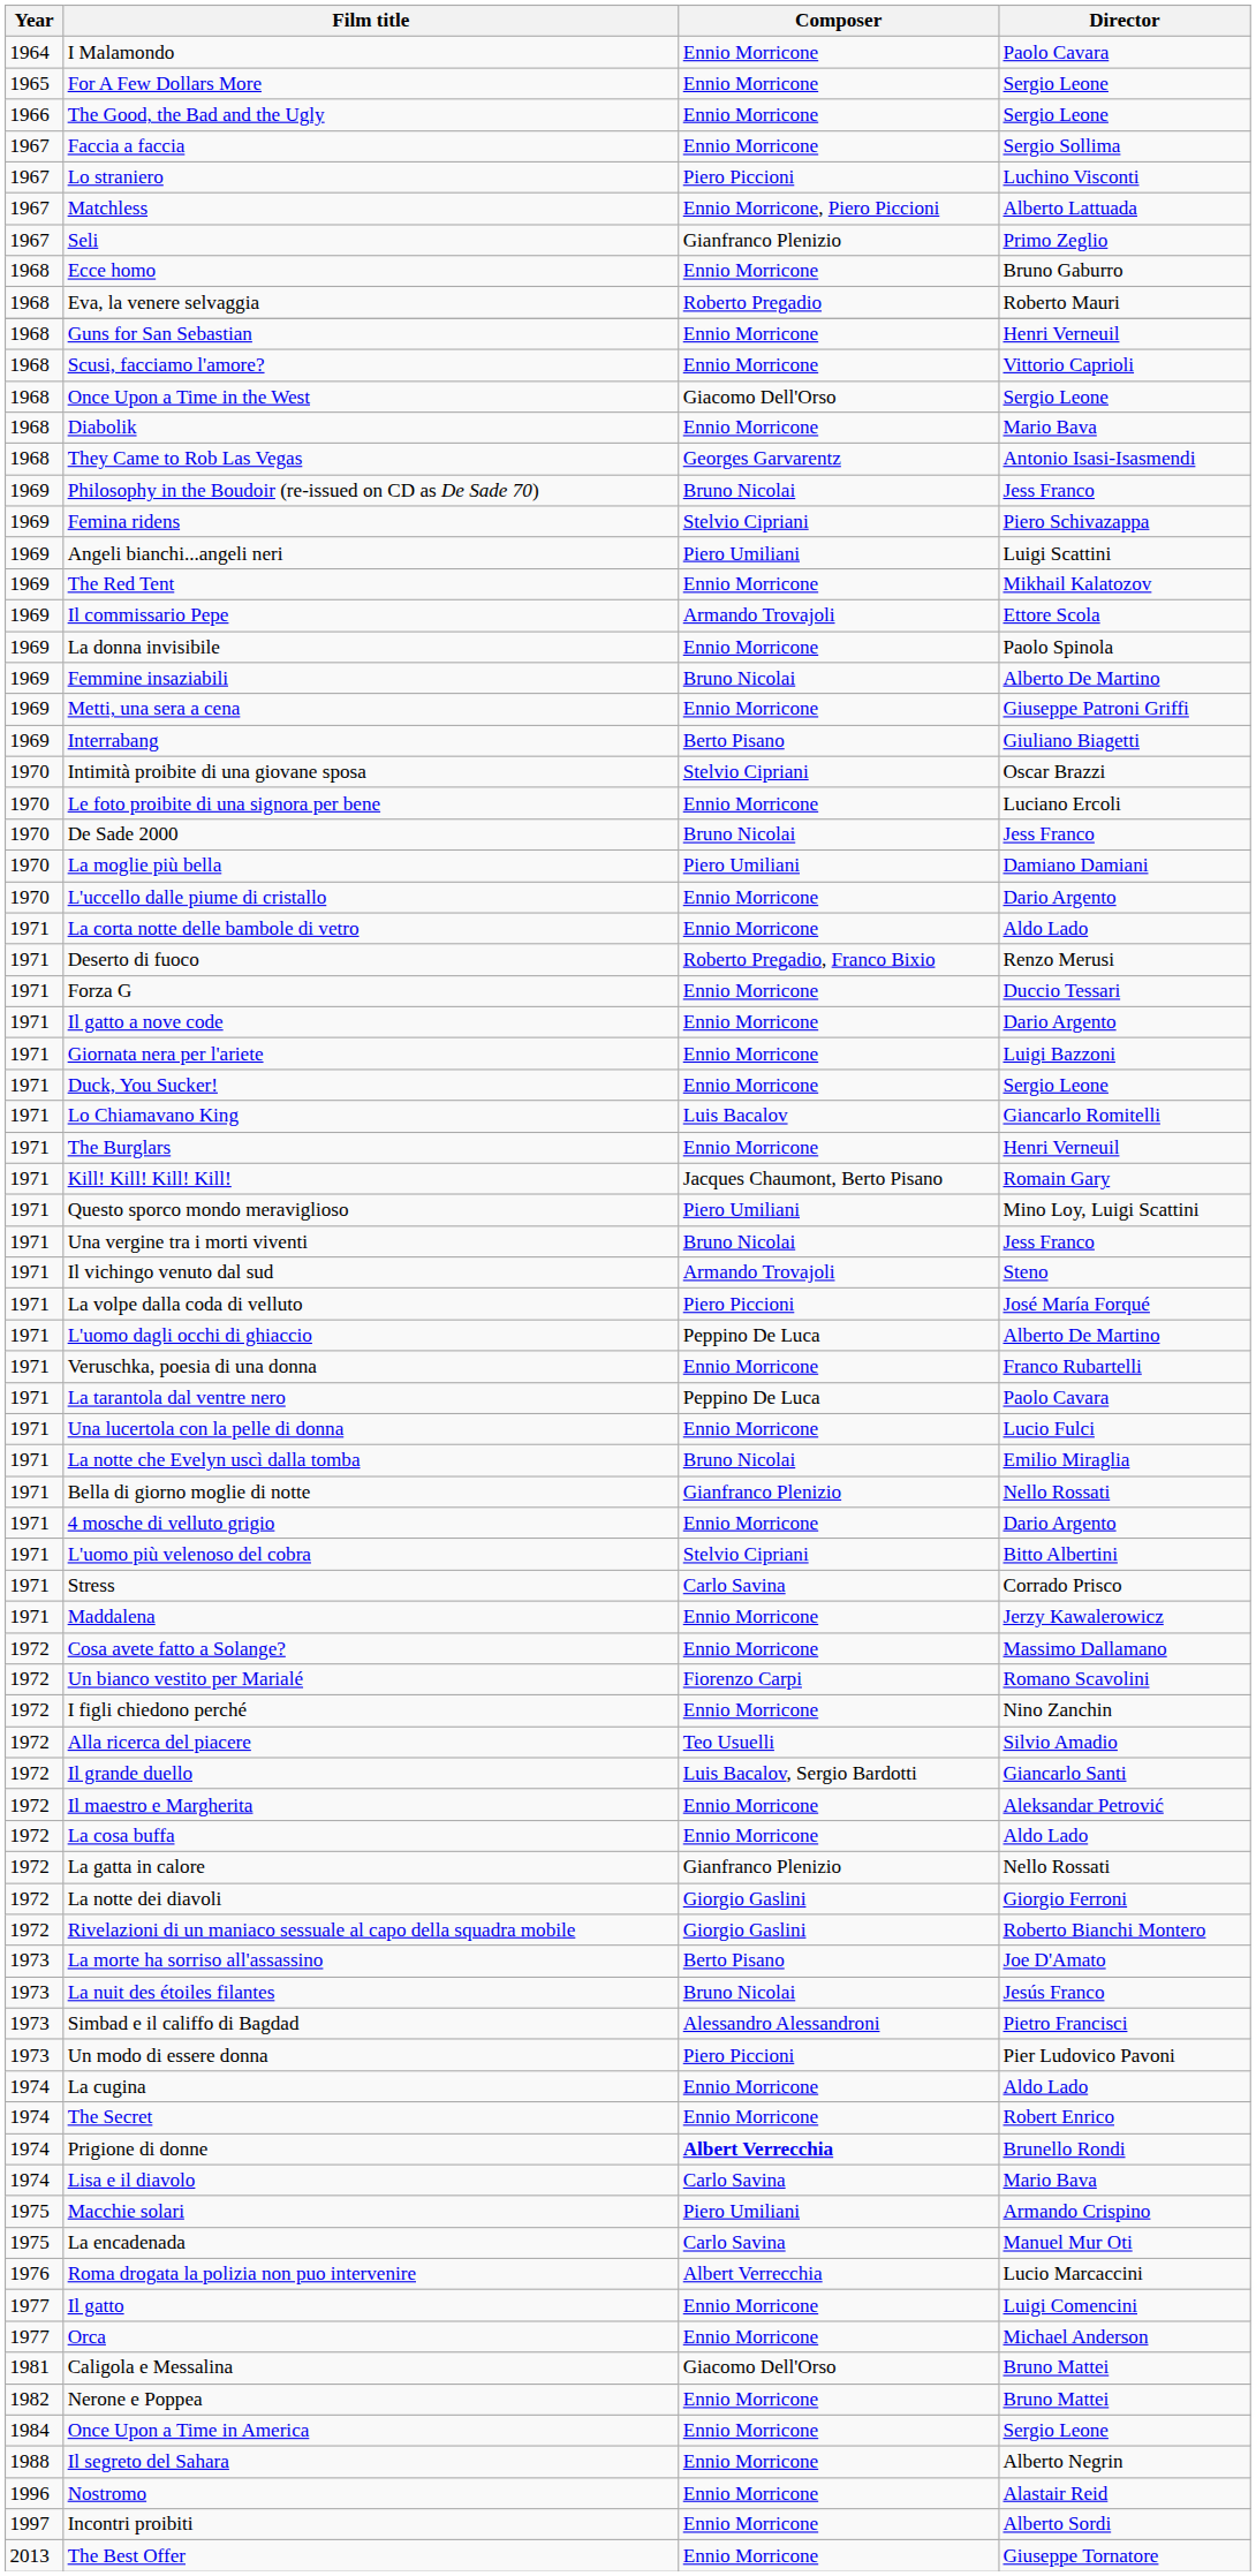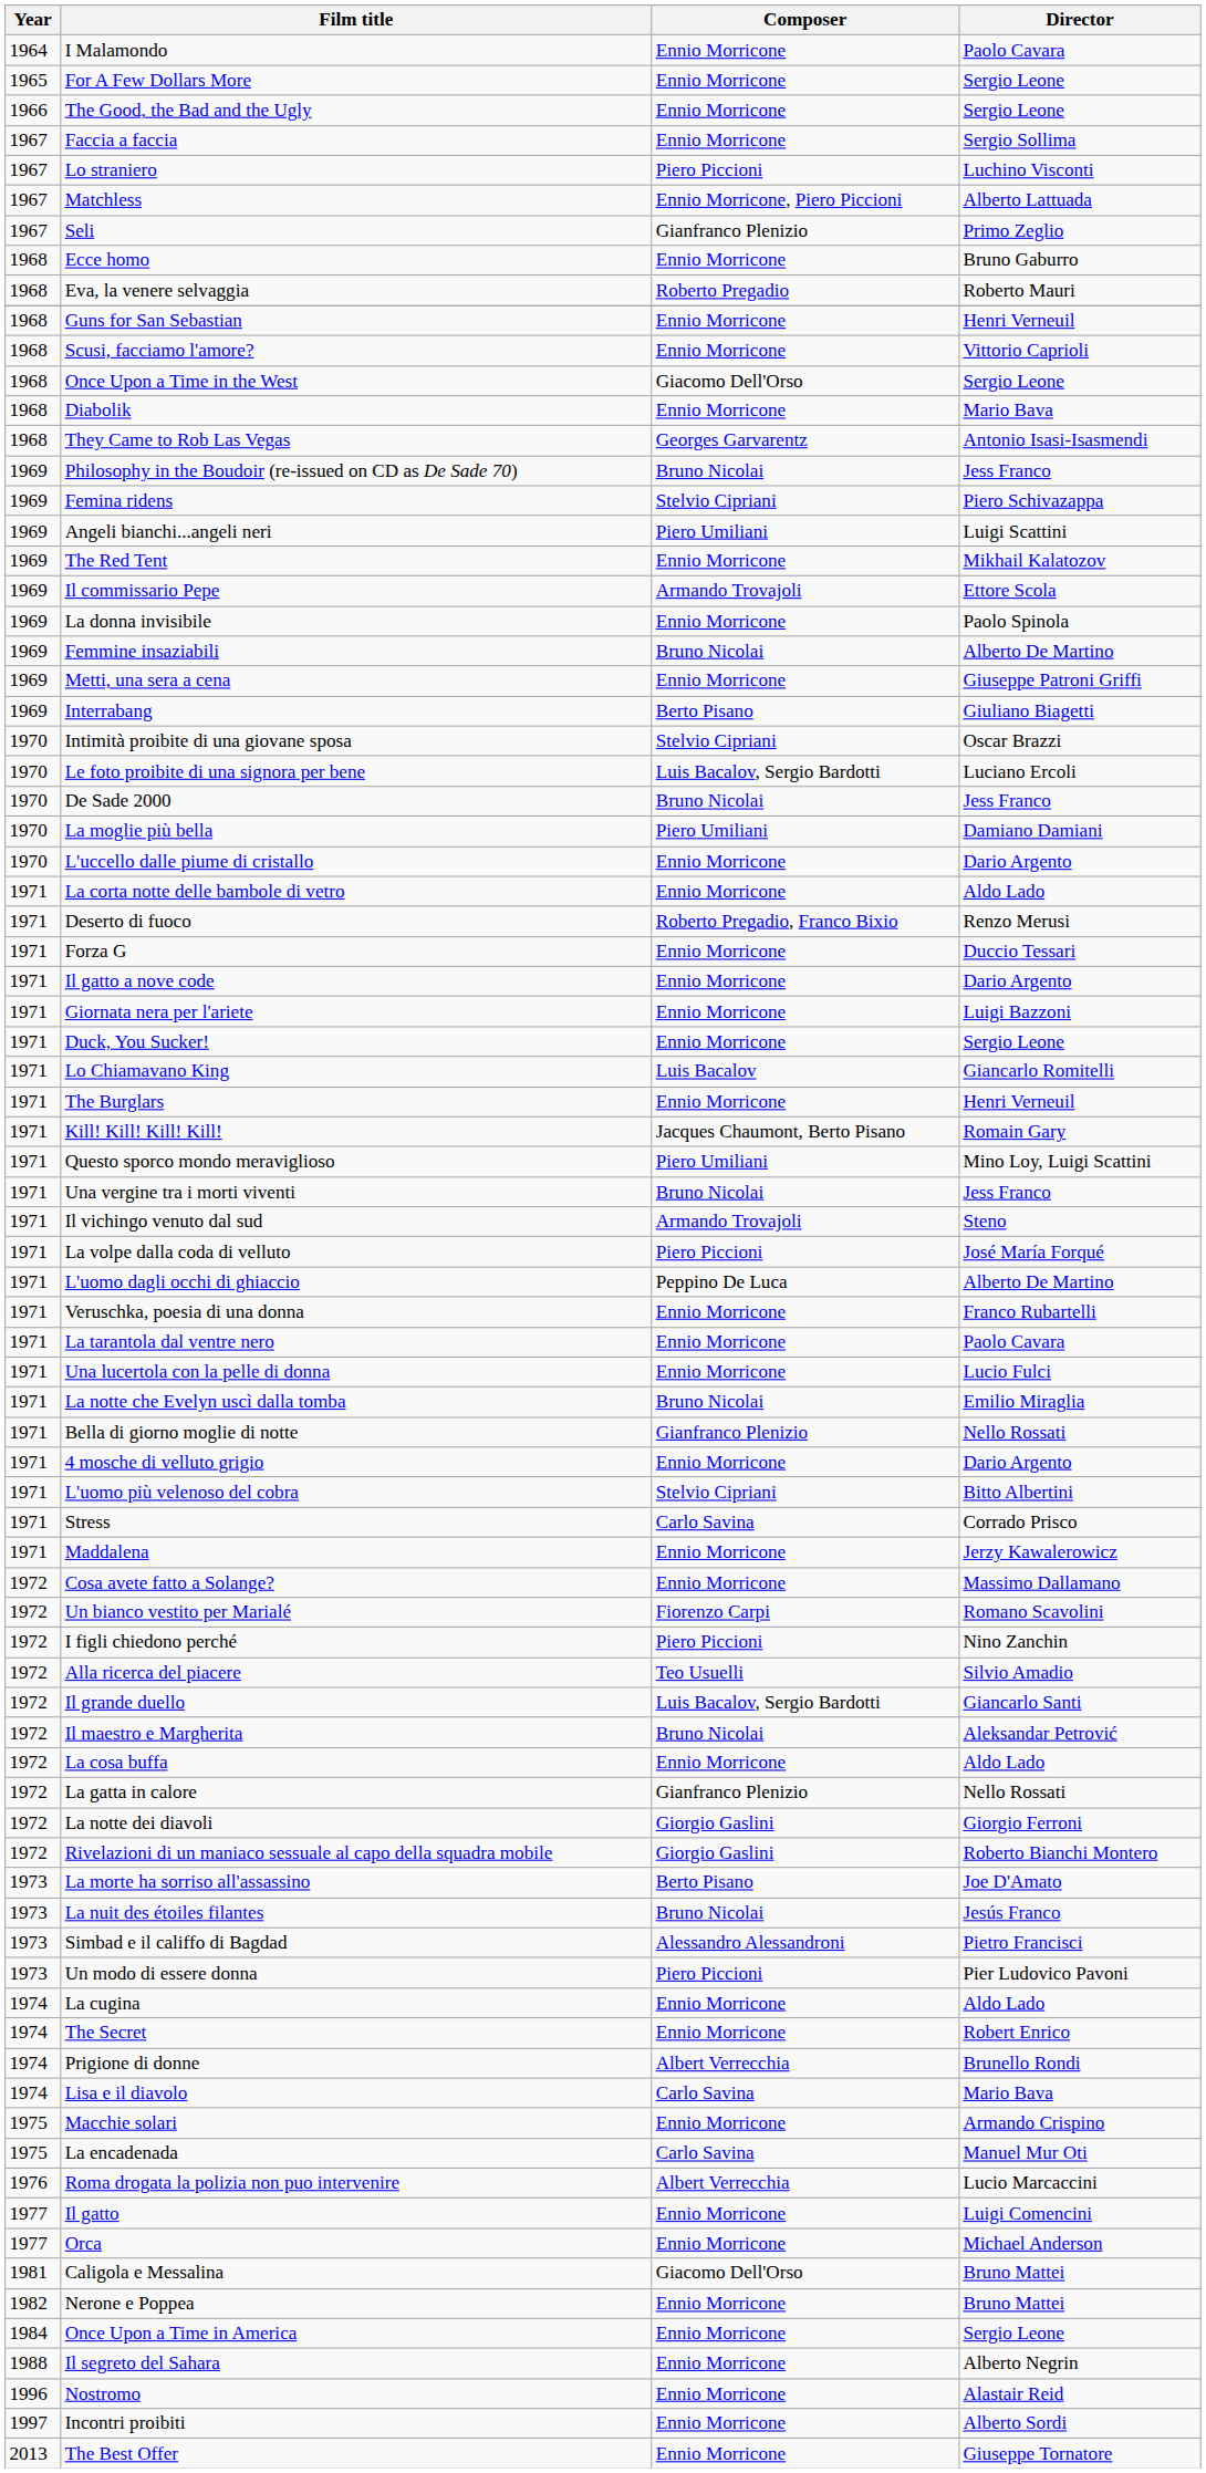 <table class="wikitable" border="1" style="width:80%; align:center">
 <tr bgcolor="#efefef">
 <th>Year</th>
 <th>Film title</th>
 <th>Composer</th>
 <th>Director</th>
 </tr>
 <tr>
 <td>1964</td>
 <td>I Malamondo</td>
 <td><a href='#'>Ennio Morricone</a></td>
 <td><a href='#'>Paolo Cavara</a></td>
 </tr>
 <tr>
 <td>1965</td>
 <td><a href='#'>For A Few Dollars More</a></td>
 <td><a href='#'>Ennio Morricone</a></td>
 <td><a href='#'>Sergio Leone</a></td>
 </tr>
 <tr>
 <td>1966</td>
 <td><a href='#'>The Good, the Bad and the Ugly</a></td>
 <td><a href='#'>Ennio Morricone</a></td>
 <td><a href='#'>Sergio Leone</a></td>
 </tr>
 <tr>
 <td>1967</td>
 <td><a href='#'>Faccia a faccia</a></td>
 <td><a href='#'>Ennio Morricone</a></td>
 <td><a href='#'>Sergio Sollima</a></td>
 </tr>
 <tr>
 <td>1967</td>
 <td><a href='#'>Lo straniero</a></td>
 <td><a href='#'>Piero Piccioni</a></td>
 <td><a href='#'>Luchino Visconti</a></td>
 </tr>
 <tr>
 <td>1967</td>
 <td><a href='#'>Matchless</a></td>
 <td><a href='#'>Ennio Morricone</a>, <a href='#'>Piero Piccioni</a></td>
 <td><a href='#'>Alberto Lattuada</a></td>
 </tr>
 <tr>
 <td>1967</td>
 <td><a href='#'>Seli</a></td>
 <td>Gianfranco Plenizio</td>
 <td><a href='#'>Primo Zeglio</a></td>
 </tr>
 <tr>
 <td>1968</td>
 <td><a href='#'>Ecce homo</a></td>
 <td><a href='#'>Ennio Morricone</a></td>
 <td>Bruno Gaburro</td>
 </tr>
 <tr>
 <td>1968</td>
 <td>Eva, la venere selvaggia</td>
 <td><a href='#'>Roberto Pregadio</a></td>
 <td>Roberto Mauri</td>
 </tr>
 <tr>
 </tr>
 <tr>
 <td>1968</td>
 <td><a href='#'>Guns for San Sebastian</a></td>
 <td><a href='#'>Ennio Morricone</a></td>
 <td><a href='#'>Henri Verneuil</a></td>
 </tr>
 <tr>
 <td>1968</td>
 <td><a href='#'>Scusi, facciamo l'amore?</a></td>
 <td><a href='#'>Ennio Morricone</a></td>
 <td><a href='#'>Vittorio Caprioli</a></td>
 </tr>
 <tr>
 <td>1968</td>
 <td><a href='#'>Once Upon a Time in the West</a></td>
 <td>Giacomo Dell'Orso</td>
 <td><a href='#'>Sergio Leone</a></td>
 </tr>
 <tr>
 <td>1968</td>
 <td><a href='#'>Diabolik</a></td>
 <td><a href='#'>Ennio Morricone</a></td>
 <td><a href='#'>Mario Bava</a></td>
 </tr>
 <tr>
 <td>1968</td>
 <td><a href='#'>They Came to Rob Las Vegas</a></td>
 <td><a href='#'>Georges Garvarentz</a></td>
 <td><a href='#'>Antonio Isasi-Isasmendi</a></td>
 </tr>
 <tr>
 <td>1969</td>
 <td><a href='#'>Philosophy in the Boudoir</a> (re-issued on CD as <em>De Sade 70</em>)</td>
 <td><a href='#'>Bruno Nicolai</a></td>
 <td><a href='#'>Jess Franco</a></td>
 </tr>
 <tr>
 <td>1969</td>
 <td><a href='#'>Femina ridens</a></td>
 <td><a href='#'>Stelvio Cipriani</a></td>
 <td><a href='#'>Piero Schivazappa</a></td>
 </tr>
 <tr>
 <td>1969</td>
 <td>Angeli bianchi...angeli neri</td>
 <td><a href='#'>Piero Umiliani</a></td>
 <td>Luigi Scattini</td>
 </tr>
 <tr>
 <td>1969</td>
 <td><a href='#'>The Red Tent</a></td>
 <td><a href='#'>Ennio Morricone</a></td>
 <td><a href='#'>Mikhail Kalatozov</a></td>
 </tr>
 <tr>
 <td>1969</td>
 <td><a href='#'>Il commissario Pepe</a></td>
 <td><a href='#'>Armando Trovajoli</a></td>
 <td><a href='#'>Ettore Scola</a></td>
 </tr>
 <tr>
 <td>1969</td>
 <td>La donna invisibile</td>
 <td><a href='#'>Ennio Morricone</a></td>
 <td>Paolo Spinola</td>
 </tr>
 <tr>
 <td>1969</td>
 <td><a href='#'>Femmine insaziabili</a></td>
 <td><a href='#'>Bruno Nicolai</a></td>
 <td><a href='#'>Alberto De Martino</a></td>
 </tr>
 <tr>
 <td>1969</td>
 <td><a href='#'>Metti, una sera a cena</a></td>
 <td><a href='#'>Ennio Morricone</a></td>
 <td><a href='#'>Giuseppe Patroni Griffi</a></td>
 </tr>
 <tr>
 <td>1969</td>
 <td><a href='#'>Interrabang</a></td>
 <td><a href='#'>Berto Pisano</a></td>
 <td><a href='#'>Giuliano Biagetti</a></td>
 </tr>
 <tr>
 <td>1970</td>
 <td>Intimità proibite di una giovane sposa</td>
 <td><a href='#'>Stelvio Cipriani</a></td>
 <td>Oscar Brazzi</td>
 </tr>
 <tr>
 <td>1970</td>
 <td><a href='#'>Le foto proibite di una signora per bene</a></td>
-<td><a href='#'>Ennio Morricone</a></td>
+<td><a href='#'>Luis Bacalov</a>, Sergio Bardotti</td>
 <td>Luciano Ercoli</td>
 </tr>
 <tr>
 <td>1970</td>
 <td>De Sade 2000</td>
 <td><a href='#'>Bruno Nicolai</a></td>
 <td><a href='#'>Jess Franco</a></td>
 </tr>
 <tr>
 <td>1970</td>
 <td><a href='#'>La moglie più bella</a></td>
 <td><a href='#'>Piero Umiliani</a></td>
 <td><a href='#'>Damiano Damiani</a></td>
 </tr>
 <tr>
 <td>1970</td>
 <td><a href='#'>L'uccello dalle piume di cristallo</a></td>
 <td><a href='#'>Ennio Morricone</a></td>
 <td><a href='#'>Dario Argento</a></td>
 </tr>
 <tr>
 <td>1971</td>
 <td><a href='#'>La corta notte delle bambole di vetro</a></td>
 <td><a href='#'>Ennio Morricone</a></td>
 <td><a href='#'>Aldo Lado</a></td>
 </tr>
 <tr>
 <td>1971</td>
 <td>Deserto di fuoco</td>
 <td><a href='#'>Roberto Pregadio</a>, <a href='#'>Franco Bixio</a></td>
 <td>Renzo Merusi</td>
 </tr>
 <tr>
 <td>1971</td>
 <td>Forza G</td>
 <td><a href='#'>Ennio Morricone</a></td>
 <td><a href='#'>Duccio Tessari</a></td>
 </tr>
 <tr>
 <td>1971</td>
 <td><a href='#'>Il gatto a nove code</a></td>
 <td><a href='#'>Ennio Morricone</a></td>
 <td><a href='#'>Dario Argento</a></td>
 </tr>
 <tr>
 <td>1971</td>
 <td><a href='#'>Giornata nera per l'ariete</a></td>
 <td><a href='#'>Ennio Morricone</a></td>
 <td><a href='#'>Luigi Bazzoni</a></td>
 </tr>
 <tr>
 <td>1971</td>
 <td><a href='#'>Duck, You Sucker!</a></td>
 <td><a href='#'>Ennio Morricone</a></td>
 <td><a href='#'>Sergio Leone</a></td>
 </tr>
 <tr>
 <td>1971</td>
 <td><a href='#'>Lo Chiamavano King</a></td>
 <td><a href='#'>Luis Bacalov</a></td>
 <td><a href='#'>Giancarlo Romitelli</a></td>
 </tr>
 <tr>
 <td>1971</td>
 <td><a href='#'>The Burglars</a></td>
 <td><a href='#'>Ennio Morricone</a></td>
 <td><a href='#'>Henri Verneuil</a></td>
 </tr>
 <tr>
 <td>1971</td>
 <td><a href='#'>Kill! Kill! Kill! Kill!</a></td>
 <td>Jacques Chaumont, Berto Pisano</td>
 <td><a href='#'>Romain Gary</a></td>
 </tr>
 <tr>
 <td>1971</td>
 <td>Questo sporco mondo meraviglioso</td>
 <td><a href='#'>Piero Umiliani</a></td>
 <td>Mino Loy, Luigi Scattini</td>
 </tr>
 <tr>
 <td>1971</td>
 <td>Una vergine tra i morti viventi</td>
 <td><a href='#'>Bruno Nicolai</a></td>
 <td><a href='#'>Jess Franco</a></td>
 </tr>
 <tr>
 <td>1971</td>
 <td>Il vichingo venuto dal sud</td>
 <td><a href='#'>Armando Trovajoli</a></td>
 <td><a href='#'>Steno</a></td>
 </tr>
 <tr>
 <td>1971</td>
 <td>La volpe dalla coda di velluto</td>
 <td><a href='#'>Piero Piccioni</a></td>
 <td><a href='#'>José María Forqué</a></td>
 </tr>
 <tr>
 <td>1971</td>
 <td><a href='#'>L'uomo dagli occhi di ghiaccio</a></td>
 <td>Peppino De Luca</td>
 <td><a href='#'>Alberto De Martino</a></td>
 </tr>
 <tr>
 <td>1971</td>
 <td>Veruschka, poesia di una donna</td>
 <td><a href='#'>Ennio Morricone</a></td>
 <td><a href='#'>Franco Rubartelli</a></td>
 </tr>
 <tr>
 <td>1971</td>
 <td><a href='#'>La tarantola dal ventre nero</a></td>
-<td>Peppino De Luca</td>
+<td><a href='#'>Ennio Morricone</a></td>
 <td><a href='#'>Paolo Cavara</a></td>
 </tr>
 <tr>
 <td>1971</td>
 <td><a href='#'>Una lucertola con la pelle di donna</a></td>
 <td><a href='#'>Ennio Morricone</a></td>
 <td><a href='#'>Lucio Fulci</a></td>
 </tr>
 <tr>
 <td>1971</td>
 <td><a href='#'>La notte che Evelyn uscì dalla tomba</a></td>
 <td><a href='#'>Bruno Nicolai</a></td>
 <td><a href='#'>Emilio Miraglia</a></td>
 </tr>
 <tr>
 <td>1971</td>
 <td>Bella di giorno moglie di notte</td>
 <td><a href='#'>Gianfranco Plenizio</a></td>
 <td><a href='#'>Nello Rossati</a></td>
 </tr>
 <tr>
 <td>1971</td>
 <td><a href='#'>4 mosche di velluto grigio</a></td>
 <td><a href='#'>Ennio Morricone</a></td>
 <td><a href='#'>Dario Argento</a></td>
 </tr>
 <tr>
 <td>1971</td>
 <td><a href='#'>L'uomo più velenoso del cobra</a></td>
 <td><a href='#'>Stelvio Cipriani</a></td>
 <td><a href='#'>Bitto Albertini</a></td>
 </tr>
 <tr>
 <td>1971</td>
 <td>Stress</td>
 <td><a href='#'>Carlo Savina</a></td>
 <td>Corrado Prisco</td>
 </tr>
 <tr>
 <td>1971</td>
 <td><a href='#'>Maddalena</a></td>
 <td><a href='#'>Ennio Morricone</a></td>
 <td><a href='#'>Jerzy Kawalerowicz</a></td>
 </tr>
 <tr>
 <td>1972</td>
 <td><a href='#'>Cosa avete fatto a Solange?</a></td>
 <td><a href='#'>Ennio Morricone</a></td>
 <td><a href='#'>Massimo Dallamano</a></td>
 </tr>
 <tr>
 <td>1972</td>
 <td><a href='#'>Un bianco vestito per Marialé</a></td>
 <td><a href='#'>Fiorenzo Carpi</a></td>
 <td><a href='#'>Romano Scavolini</a></td>
 </tr>
 <tr>
 <td>1972</td>
 <td>I figli chiedono perché</td>
-<td><a href='#'>Ennio Morricone</a></td>
+<td><a href='#'>Piero Piccioni</a></td>
 <td>Nino Zanchin</td>
 </tr>
 <tr>
 <td>1972</td>
 <td><a href='#'>Alla ricerca del piacere</a></td>
 <td><a href='#'>Teo Usuelli</a></td>
 <td><a href='#'>Silvio Amadio</a></td>
 </tr>
 <tr>
 <td>1972</td>
 <td><a href='#'>Il grande duello</a></td>
 <td><a href='#'>Luis Bacalov</a>, Sergio Bardotti</td>
 <td><a href='#'>Giancarlo Santi</a></td>
 </tr>
 <tr>
 <td>1972</td>
 <td><a href='#'>Il maestro e Margherita</a></td>
-<td><a href='#'>Ennio Morricone</a></td>
+<td><a href='#'>Bruno Nicolai</a></td>
 <td><a href='#'>Aleksandar Petrović</a></td>
 </tr>
 <tr>
 <td>1972</td>
 <td><a href='#'>La cosa buffa</a></td>
 <td><a href='#'>Ennio Morricone</a></td>
 <td><a href='#'>Aldo Lado</a></td>
 </tr>
 <tr>
 <td>1972</td>
 <td>La gatta in calore</td>
 <td>Gianfranco Plenizio</td>
 <td>Nello Rossati</td>
 </tr>
 <tr>
 <td>1972</td>
 <td>La notte dei diavoli</td>
 <td><a href='#'>Giorgio Gaslini</a></td>
 <td><a href='#'>Giorgio Ferroni</a></td>
 </tr>
 <tr>
 <td>1972</td>
 <td><a href='#'>Rivelazioni di un maniaco sessuale al capo della squadra mobile</a></td>
 <td><a href='#'>Giorgio Gaslini</a></td>
 <td><a href='#'>Roberto Bianchi Montero</a></td>
 </tr>
 <tr>
 <td>1973</td>
 <td><a href='#'>La morte ha sorriso all'assassino</a></td>
 <td><a href='#'>Berto Pisano</a></td>
 <td><a href='#'>Joe D'Amato</a></td>
 </tr>
 <tr>
 <td>1973</td>
 <td><a href='#'>La nuit des étoiles filantes</a></td>
 <td><a href='#'>Bruno Nicolai</a></td>
 <td><a href='#'>Jesús Franco</a></td>
 </tr>
 <tr>
 <td>1973</td>
 <td>Simbad e il califfo di Bagdad</td>
 <td><a href='#'>Alessandro Alessandroni</a></td>
 <td><a href='#'>Pietro Francisci</a></td>
 </tr>
 <tr>
 <td>1973</td>
 <td>Un modo di essere donna</td>
 <td><a href='#'>Piero Piccioni</a></td>
 <td>Pier Ludovico Pavoni</td>
 </tr>
 <tr>
 <td>1974</td>
 <td>La cugina</td>
 <td><a href='#'>Ennio Morricone</a></td>
 <td><a href='#'>Aldo Lado</a></td>
 </tr>
 <tr>
 <td>1974</td>
 <td><a href='#'>The Secret</a></td>
 <td><a href='#'>Ennio Morricone</a></td>
 <td><a href='#'>Robert Enrico</a></td>
 </tr>
 <tr>
 <td>1974</td>
 <td>Prigione di donne</td>
-<td><strong><a href='#'>Albert Verrecchia</a></strong></td>
+<td><a href='#'>Albert Verrecchia</a></td>
 <td><a href='#'>Brunello Rondi</a></td>
 </tr>
 <tr>
 <td>1974</td>
 <td><a href='#'>Lisa e il diavolo</a></td>
 <td><a href='#'>Carlo Savina</a></td>
 <td><a href='#'>Mario Bava</a></td>
 </tr>
 <tr>
 <td>1975</td>
 <td><a href='#'>Macchie solari</a></td>
-<td><a href='#'>Piero Umiliani</a></td>
+<td><a href='#'>Ennio Morricone</a></td>
 <td><a href='#'>Armando Crispino</a></td>
 </tr>
 <tr>
 <td>1975</td>
 <td>La encadenada</td>
 <td><a href='#'>Carlo Savina</a></td>
 <td><a href='#'>Manuel Mur Oti</a></td>
 </tr>
 <tr>
 <td>1976</td>
 <td><a href='#'>Roma drogata la polizia non puo intervenire</a></td>
 <td><a href='#'>Albert Verrecchia</a></td>
 <td>Lucio Marcaccini</td>
 </tr>
 <tr>
 <td>1977</td>
 <td><a href='#'>Il gatto</a></td>
 <td><a href='#'>Ennio Morricone</a></td>
 <td><a href='#'>Luigi Comencini</a></td>
 </tr>
 <tr>
 <td>1977</td>
 <td><a href='#'>Orca</a></td>
 <td><a href='#'>Ennio Morricone</a></td>
 <td><a href='#'>Michael Anderson</a></td>
 </tr>
 <tr>
 <td>1981</td>
 <td>Caligola e Messalina</td>
 <td>Giacomo Dell'Orso</td>
 <td><a href='#'>Bruno Mattei</a></td>
 </tr>
 <tr>
 <td>1982</td>
 <td>Nerone e Poppea</td>
 <td><a href='#'>Ennio Morricone</a></td>
 <td><a href='#'>Bruno Mattei</a></td>
 </tr>
 <tr>
 <td>1984</td>
 <td><a href='#'>Once Upon a Time in America</a></td>
 <td><a href='#'>Ennio Morricone</a></td>
 <td><a href='#'>Sergio Leone</a></td>
 </tr>
 <tr>
 <td>1988</td>
 <td><a href='#'>Il segreto del Sahara</a></td>
 <td><a href='#'>Ennio Morricone</a></td>
 <td>Alberto Negrin</td>
 </tr>
 <tr>
 <td>1996</td>
 <td><a href='#'>Nostromo</a></td>
 <td><a href='#'>Ennio Morricone</a></td>
 <td><a href='#'>Alastair Reid</a></td>
 </tr>
 <tr>
 <td>1997</td>
 <td>Incontri proibiti</td>
 <td><a href='#'>Ennio Morricone</a></td>
 <td><a href='#'>Alberto Sordi</a></td>
 </tr>
 <tr>
 <td>2013</td>
 <td><a href='#'>The Best Offer</a></td>
 <td><a href='#'>Ennio Morricone</a></td>
 <td><a href='#'>Giuseppe Tornatore</a></td>
 </tr>
 </table>
